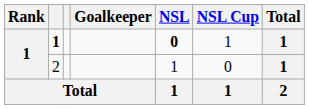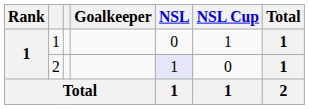 <table class="wikitable sortable" style="text-align:center">
 <tr>
 <th>Rank</th>
 <th></th>
 <th></th>
 <th>Goalkeeper</th>
 <th><a href='#'>NSL</a></th>
 <th><a href='#'>NSL Cup</a></th>
 <th>Total</th>
 </tr>
 <tr>
 <th rowspan="2">1</th>
-<td><strong>1</strong></td>
+<td>1</td>
 <td></td>
 <td align="left"></td>
-<td><strong>0</strong></td>
+<td>0</td>
 <td>1</td>
 <th>1</th>
 </tr>
 <tr>
 <td>2</td>
 <td></td>
 <td align="left"></td>
-<td>1</td>
+<td style="background: lavender;">1</td>
 <td>0</td>
 <th>1</th>
 </tr>
 <tr>
 <th colspan="4">Total</th>
 <th>1</th>
 <th>1</th>
 <th>2</th>
 </tr>
 </table>
